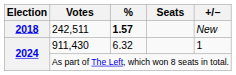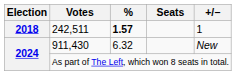 <table class=wikitable>
 <tr>
 <th>Election</th>
 <th>Votes</th>
 <th>%</th>
 <th>Seats</th>
 <th>+/−</th>
 </tr>
 <tr>
 <th><a href='#'>2018</a></th>
 <td>242,511</td>
 <td><strong>1.57 </strong></td>
 <td></td>
-<td><em>New</em></td>
+<td> 1</td>
 </tr>
 <tr>
 <th rowspan="2"><a href='#'>2024</a></th>
 <td>911,430</td>
 <td>6.32 </td>
 <td></td>
-<td> 1</td>
+<td><em>New</em></td>
 </tr>
 <tr>
 <td colspan="4"><small>As part of <a href='#'>The Left</a>, which won 8 seats in total.</small></td>
 </tr>
 </table>
